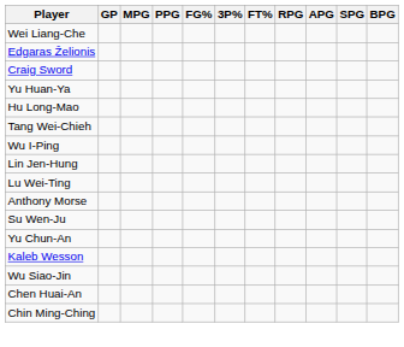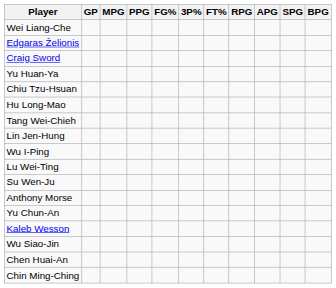 <table class="wikitable">
 <tr>
 <th>Player</th>
 <th>GP</th>
 <th>MPG</th>
 <th>PPG</th>
 <th>FG%</th>
 <th>3P%</th>
 <th>FT%</th>
 <th>RPG</th>
 <th>APG</th>
 <th>SPG</th>
 <th>BPG</th>
 </tr>
 <tr>
 <td>Wei Liang-Che</td>
 <td></td>
 <td></td>
 <td></td>
 <td></td>
 <td></td>
 <td></td>
 <td></td>
 <td></td>
 <td></td>
 <td></td>
 </tr>
 <tr>
 <td><a href='#'>Edgaras Želionis</a></td>
 <td></td>
 <td></td>
 <td></td>
 <td></td>
 <td></td>
 <td></td>
 <td></td>
 <td></td>
 <td></td>
 <td></td>
 </tr>
 <tr>
 <td><a href='#'>Craig Sword</a></td>
 <td></td>
 <td></td>
 <td></td>
 <td></td>
 <td></td>
 <td></td>
 <td></td>
 <td></td>
 <td></td>
 <td></td>
 </tr>
 <tr>
 <td>Yu Huan-Ya</td>
 <td></td>
 <td></td>
 <td></td>
 <td></td>
 <td></td>
 <td></td>
 <td></td>
 <td></td>
 <td></td>
 <td></td>
 </tr>
 <tr>
+<td>Chiu Tzu-Hsuan</td>
+<td></td>
+<td></td>
+<td></td>
+<td></td>
+<td></td>
+<td></td>
+<td></td>
+<td></td>
+<td></td>
+<td></td>
+</tr>
+<tr>
 <td>Hu Long-Mao</td>
 <td></td>
 <td></td>
 <td></td>
 <td></td>
 <td></td>
 <td></td>
 <td></td>
 <td></td>
 <td></td>
 <td></td>
 </tr>
 <tr>
 <td>Tang Wei-Chieh</td>
 <td></td>
 <td></td>
 <td></td>
 <td></td>
 <td></td>
 <td></td>
 <td></td>
 <td></td>
 <td></td>
 <td></td>
 </tr>
 <tr>
-<td>Wu I-Ping</td>
+<td>Lin Jen-Hung</td>
 <td></td>
 <td></td>
 <td></td>
 <td></td>
 <td></td>
 <td></td>
 <td></td>
 <td></td>
 <td></td>
 <td></td>
 </tr>
 <tr>
-<td>Lin Jen-Hung</td>
+<td>Wu I-Ping</td>
 <td></td>
 <td></td>
 <td></td>
 <td></td>
 <td></td>
 <td></td>
 <td></td>
 <td></td>
 <td></td>
 <td></td>
 </tr>
 <tr>
 <td>Lu Wei-Ting</td>
 <td></td>
 <td></td>
 <td></td>
 <td></td>
 <td></td>
 <td></td>
 <td></td>
 <td></td>
 <td></td>
 <td></td>
 </tr>
 <tr>
-<td>Anthony Morse</td>
+<td>Su Wen-Ju</td>
 <td></td>
 <td></td>
 <td></td>
 <td></td>
 <td></td>
 <td></td>
 <td></td>
 <td></td>
 <td></td>
 <td></td>
 </tr>
 <tr>
-<td>Su Wen-Ju</td>
+<td>Anthony Morse</td>
 <td></td>
 <td></td>
 <td></td>
 <td></td>
 <td></td>
 <td></td>
 <td></td>
 <td></td>
 <td></td>
 <td></td>
 </tr>
 <tr>
 <td>Yu Chun-An</td>
 <td></td>
 <td></td>
 <td></td>
 <td></td>
 <td></td>
 <td></td>
 <td></td>
 <td></td>
 <td></td>
 <td></td>
 </tr>
 <tr>
 <td><a href='#'>Kaleb Wesson</a></td>
 <td></td>
 <td></td>
 <td></td>
 <td></td>
 <td></td>
 <td></td>
 <td></td>
 <td></td>
 <td></td>
 <td></td>
 </tr>
 <tr>
 <td>Wu Siao-Jin</td>
 <td></td>
 <td></td>
 <td></td>
 <td></td>
 <td></td>
 <td></td>
 <td></td>
 <td></td>
 <td></td>
 <td></td>
 </tr>
 <tr>
 <td>Chen Huai-An</td>
 <td></td>
 <td></td>
 <td></td>
 <td></td>
 <td></td>
 <td></td>
 <td></td>
 <td></td>
 <td></td>
 <td></td>
 </tr>
 <tr>
 <td>Chin Ming-Ching</td>
 <td></td>
 <td></td>
 <td></td>
 <td></td>
 <td></td>
 <td></td>
 <td></td>
 <td></td>
 <td></td>
 <td></td>
 </tr>
 </table>
